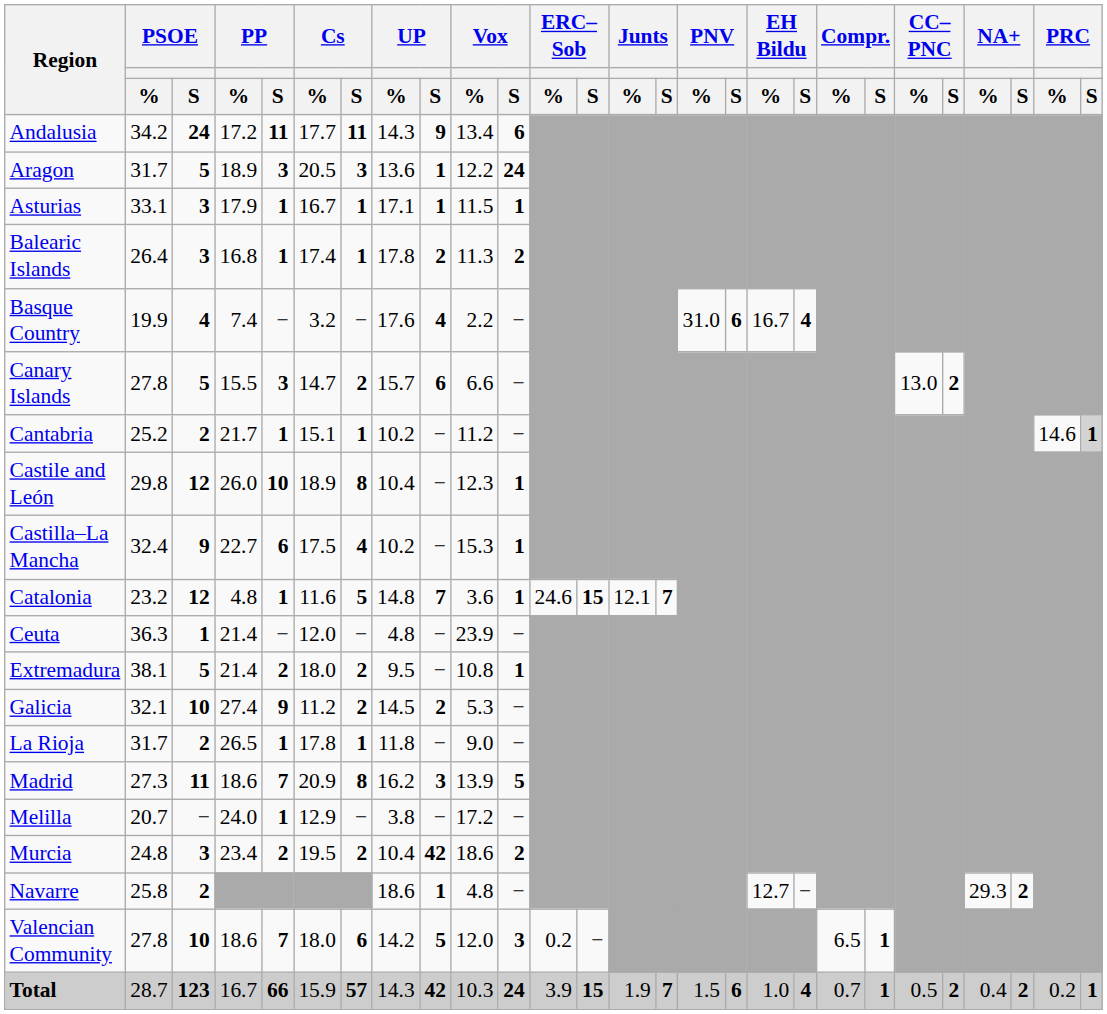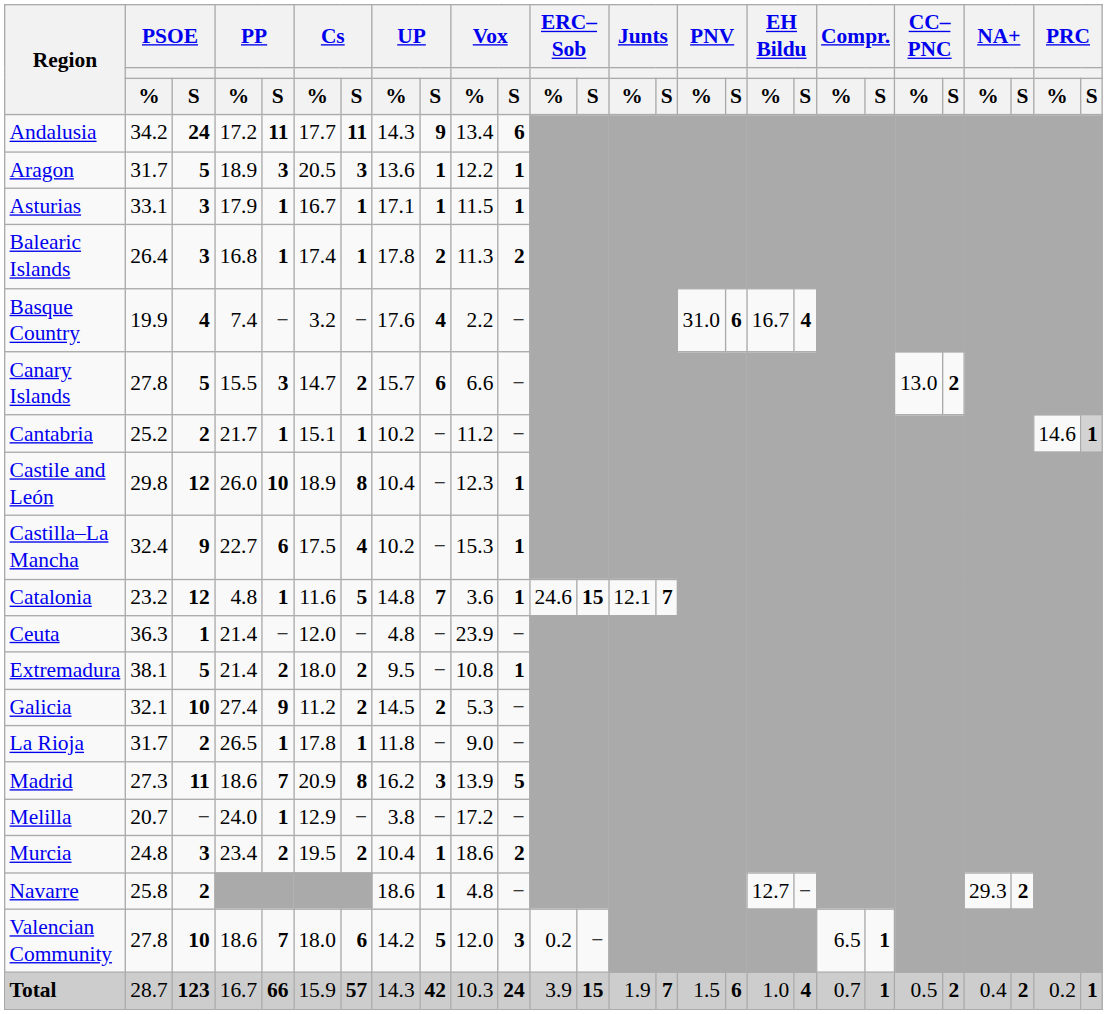 <table class="wikitable sortable" style="text-align:right; line-height:20px;">
 <tr>
 <th rowspan="3">Region</th>
 <th colspan="2" width="30px" class="unsortable"><a href='#'>PSOE</a></th>
 <th colspan="2" width="30px" class="unsortable"><a href='#'>PP</a></th>
 <th colspan="2" width="30px" class="unsortable"><a href='#'>Cs</a></th>
 <th colspan="2" width="30px" class="unsortable"><a href='#'>UP</a></th>
 <th colspan="2" width="30px" class="unsortable"><a href='#'>Vox</a></th>
 <th colspan="2" width="30px" class="unsortable"><a href='#'>ERC–Sob</a></th>
 <th colspan="2" width="30px" class="unsortable"><a href='#'>Junts</a></th>
 <th colspan="2" width="30px" class="unsortable"><a href='#'>PNV</a></th>
 <th colspan="2" width="30px" class="unsortable"><a href='#'>EH Bildu</a></th>
 <th colspan="2" width="30px" class="unsortable"><a href='#'>Compr.</a></th>
 <th colspan="2" width="30px" class="unsortable"><a href='#'>CC–PNC</a></th>
 <th colspan="2" width="30px" class="unsortable"><a href='#'>NA+</a></th>
 <th colspan="2" width="30px" class="unsortable"><a href='#'>PRC</a></th>
 </tr>
 <tr>
 <th colspan="2" style="background:"></th>
 <th colspan="2" style="background:"></th>
 <th colspan="2" style="background:"></th>
 <th colspan="2" style="background:"></th>
 <th colspan="2" style="background:"></th>
 <th colspan="2" style="background:"></th>
 <th colspan="2" style="background:"></th>
 <th colspan="2" style="background:"></th>
 <th colspan="2" style="background:"></th>
 <th colspan="2" style="background:"></th>
 <th colspan="2" style="background:"></th>
 <th colspan="2" style="background:"></th>
 <th colspan="2" style="background:"></th>
 </tr>
 <tr>
 <th data-sort-type="number">%</th>
 <th data-sort-type="number">S</th>
 <th data-sort-type="number">%</th>
 <th data-sort-type="number">S</th>
 <th data-sort-type="number">%</th>
 <th data-sort-type="number">S</th>
 <th data-sort-type="number">%</th>
 <th data-sort-type="number">S</th>
 <th data-sort-type="number">%</th>
 <th data-sort-type="number">S</th>
 <th data-sort-type="number">%</th>
 <th data-sort-type="number">S</th>
 <th data-sort-type="number">%</th>
 <th data-sort-type="number">S</th>
 <th data-sort-type="number">%</th>
 <th data-sort-type="number">S</th>
 <th data-sort-type="number">%</th>
 <th data-sort-type="number">S</th>
 <th data-sort-type="number">%</th>
 <th data-sort-type="number">S</th>
 <th data-sort-type="number">%</th>
 <th data-sort-type="number">S</th>
 <th data-sort-type="number">%</th>
 <th data-sort-type="number">S</th>
 <th data-sort-type="number">%</th>
 <th data-sort-type="number">S</th>
 </tr>
 <tr>
 <td align="left"><a href='#'>Andalusia</a></td>
 <td style="background:">34.2</td>
 <td><strong>24</strong></td>
 <td>17.2</td>
 <td><strong>11</strong></td>
 <td>17.7</td>
 <td><strong>11</strong></td>
 <td>14.3</td>
 <td><strong>9</strong></td>
 <td>13.4</td>
 <td><strong>6</strong></td>
 <td colspan="2" rowspan="9" bgcolor="#AAAAAA"></td>
 <td colspan="2" rowspan="9" bgcolor="#AAAAAA"></td>
 <td colspan="2" rowspan="4" bgcolor="#AAAAAA"></td>
 <td colspan="2" rowspan="4" bgcolor="#AAAAAA"></td>
 <td colspan="2" rowspan="18" bgcolor="#AAAAAA"></td>
 <td colspan="2" rowspan="5" bgcolor="#AAAAAA"></td>
 <td colspan="2" rowspan="17" bgcolor="#AAAAAA"></td>
 <td colspan="2" rowspan="6" bgcolor="#AAAAAA"></td>
 </tr>
 <tr>
 <td align="left"><a href='#'>Aragon</a></td>
 <td style="background:">31.7</td>
 <td><strong>5</strong></td>
 <td>18.9</td>
 <td><strong>3</strong></td>
 <td>20.5</td>
 <td><strong>3</strong></td>
 <td>13.6</td>
 <td><strong>1</strong></td>
 <td>12.2</td>
-<td><strong>24</strong></td>
+<td><strong>1</strong></td>
 </tr>
 <tr>
 <td align="left"><a href='#'>Asturias</a></td>
 <td style="background:">33.1</td>
 <td><strong>3</strong></td>
 <td>17.9</td>
 <td><strong>1</strong></td>
 <td>16.7</td>
 <td><strong>1</strong></td>
 <td>17.1</td>
 <td><strong>1</strong></td>
 <td>11.5</td>
 <td><strong>1</strong></td>
 </tr>
 <tr>
 <td align="left"><a href='#'>Balearic Islands</a></td>
 <td style="background:">26.4</td>
 <td><strong>3</strong></td>
 <td>16.8</td>
 <td><strong>1</strong></td>
 <td>17.4</td>
 <td><strong>1</strong></td>
 <td>17.8</td>
 <td><strong>2</strong></td>
 <td>11.3</td>
 <td><strong>2</strong></td>
 </tr>
 <tr>
 <td align="left"><a href='#'>Basque Country</a></td>
 <td>19.9</td>
 <td><strong>4</strong></td>
 <td>7.4</td>
 <td>−</td>
 <td>3.2</td>
 <td>−</td>
 <td>17.6</td>
 <td><strong>4</strong></td>
 <td>2.2</td>
 <td>−</td>
 <td style="background:">31.0</td>
 <td><strong>6</strong></td>
 <td>16.7</td>
 <td><strong>4</strong></td>
 </tr>
 <tr>
 <td align="left"><a href='#'>Canary Islands</a></td>
 <td style="background:">27.8</td>
 <td><strong>5</strong></td>
 <td>15.5</td>
 <td><strong>3</strong></td>
 <td>14.7</td>
 <td><strong>2</strong></td>
 <td>15.7</td>
 <td><strong>6</strong></td>
 <td>6.6</td>
 <td>−</td>
 <td colspan="2" rowspan="14" bgcolor="#AAAAAA"></td>
 <td colspan="2" rowspan="12" bgcolor="#AAAAAA"></td>
 <td>13.0</td>
 <td><strong>2</strong></td>
 </tr>
 <tr>
 <td align="left"><a href='#'>Cantabria</a></td>
 <td style="background:">25.2</td>
 <td><strong>2</strong></td>
 <td>21.7</td>
 <td><strong>1</strong></td>
 <td>15.1</td>
 <td><strong>1</strong></td>
 <td>10.2</td>
 <td>−</td>
 <td>11.2</td>
 <td>−</td>
 <td colspan="2" rowspan="13" bgcolor="#AAAAAA"></td>
 <td>14.6</td>
 <td style="background: lightgrey;"><strong>1</strong></td>
 </tr>
 <tr>
 <td align="left"><a href='#'>Castile and León</a></td>
 <td style="background:">29.8</td>
 <td><strong>12</strong></td>
 <td>26.0</td>
 <td><strong>10</strong></td>
 <td>18.9</td>
 <td><strong>8</strong></td>
 <td>10.4</td>
 <td>−</td>
 <td>12.3</td>
 <td><strong>1</strong></td>
 <td colspan="2" rowspan="12" bgcolor="#AAAAAA"></td>
 </tr>
 <tr>
 <td align="left"><a href='#'>Castilla–La Mancha</a></td>
 <td style="background:">32.4</td>
 <td><strong>9</strong></td>
 <td>22.7</td>
 <td><strong>6</strong></td>
 <td>17.5</td>
 <td><strong>4</strong></td>
 <td>10.2</td>
 <td>−</td>
 <td>15.3</td>
 <td><strong>1</strong></td>
 </tr>
 <tr>
 <td align="left"><a href='#'>Catalonia</a></td>
 <td>23.2</td>
 <td><strong>12</strong></td>
 <td>4.8</td>
 <td><strong>1</strong></td>
 <td>11.6</td>
 <td><strong>5</strong></td>
 <td>14.8</td>
 <td><strong>7</strong></td>
 <td>3.6</td>
 <td><strong>1</strong></td>
 <td style="background:">24.6</td>
 <td><strong>15</strong></td>
 <td>12.1</td>
 <td><strong>7</strong></td>
 </tr>
 <tr>
 <td align="left"><a href='#'>Ceuta</a></td>
 <td style="background:">36.3</td>
 <td><strong>1</strong></td>
 <td>21.4</td>
 <td>−</td>
 <td>12.0</td>
 <td>−</td>
 <td>4.8</td>
 <td>−</td>
 <td>23.9</td>
 <td>−</td>
 <td colspan="2" rowspan="8" bgcolor="#AAAAAA"></td>
 <td colspan="2" rowspan="9" bgcolor="#AAAAAA"></td>
 </tr>
 <tr>
 <td align="left"><a href='#'>Extremadura</a></td>
 <td style="background:">38.1</td>
 <td><strong>5</strong></td>
 <td>21.4</td>
 <td><strong>2</strong></td>
 <td>18.0</td>
 <td><strong>2</strong></td>
 <td>9.5</td>
 <td>−</td>
 <td>10.8</td>
 <td><strong>1</strong></td>
 </tr>
 <tr>
 <td align="left"><a href='#'>Galicia</a></td>
 <td style="background:">32.1</td>
 <td><strong>10</strong></td>
 <td>27.4</td>
 <td><strong>9</strong></td>
 <td>11.2</td>
 <td><strong>2</strong></td>
 <td>14.5</td>
 <td><strong>2</strong></td>
 <td>5.3</td>
 <td>−</td>
 </tr>
 <tr>
 <td align="left"><a href='#'>La Rioja</a></td>
 <td style="background:">31.7</td>
 <td><strong>2</strong></td>
 <td>26.5</td>
 <td><strong>1</strong></td>
 <td>17.8</td>
 <td><strong>1</strong></td>
 <td>11.8</td>
 <td>−</td>
 <td>9.0</td>
 <td>−</td>
 </tr>
 <tr>
 <td align="left"><a href='#'>Madrid</a></td>
 <td style="background:">27.3</td>
 <td><strong>11</strong></td>
 <td>18.6</td>
 <td><strong>7</strong></td>
 <td>20.9</td>
 <td><strong>8</strong></td>
 <td>16.2</td>
 <td><strong>3</strong></td>
 <td>13.9</td>
 <td><strong>5</strong></td>
 </tr>
 <tr>
 <td align="left"><a href='#'>Melilla</a></td>
 <td>20.7</td>
 <td>−</td>
 <td style="background:">24.0</td>
 <td><strong>1</strong></td>
 <td>12.9</td>
 <td>−</td>
 <td>3.8</td>
 <td>−</td>
 <td>17.2</td>
 <td>−</td>
 </tr>
 <tr>
 <td align="left"><a href='#'>Murcia</a></td>
 <td style="background:">24.8</td>
 <td><strong>3</strong></td>
 <td>23.4</td>
 <td><strong>2</strong></td>
 <td>19.5</td>
 <td><strong>2</strong></td>
 <td>10.4</td>
-<td><strong>42</strong></td>
+<td><strong>1</strong></td>
 <td>18.6</td>
 <td><strong>2</strong></td>
 </tr>
 <tr>
 <td align="left"><a href='#'>Navarre</a></td>
 <td>25.8</td>
 <td><strong>2</strong></td>
 <td colspan="2" bgcolor="#AAAAAA"></td>
 <td colspan="2" bgcolor="#AAAAAA"></td>
 <td>18.6</td>
 <td><strong>1</strong></td>
 <td>4.8</td>
 <td>−</td>
 <td>12.7</td>
 <td>−</td>
 <td style="background:">29.3</td>
 <td><strong>2</strong></td>
 </tr>
 <tr>
 <td align="left"><a href='#'>Valencian Community</a></td>
 <td style="background:">27.8</td>
 <td><strong>10</strong></td>
 <td>18.6</td>
 <td><strong>7</strong></td>
 <td>18.0</td>
 <td><strong>6</strong></td>
 <td>14.2</td>
 <td><strong>5</strong></td>
 <td>12.0</td>
 <td><strong>3</strong></td>
 <td>0.2</td>
 <td>−</td>
 <td colspan="2" bgcolor="#AAAAAA"></td>
 <td>6.5</td>
 <td><strong>1</strong></td>
 <td colspan="2" bgcolor="#AAAAAA"></td>
 </tr>
 <tr style="background:#CDCDCD;">
 <td align="left"><strong>Total</strong></td>
 <td style="background:">28.7</td>
 <td><strong>123</strong></td>
 <td>16.7</td>
 <td><strong>66</strong></td>
 <td>15.9</td>
 <td><strong>57</strong></td>
 <td>14.3</td>
 <td><strong>42</strong></td>
 <td>10.3</td>
 <td><strong>24</strong></td>
 <td>3.9</td>
 <td><strong>15</strong></td>
 <td>1.9</td>
 <td><strong>7</strong></td>
 <td>1.5</td>
 <td><strong>6</strong></td>
 <td>1.0</td>
 <td><strong>4</strong></td>
 <td>0.7</td>
 <td><strong>1</strong></td>
 <td>0.5</td>
 <td><strong>2</strong></td>
 <td>0.4</td>
 <td><strong>2</strong></td>
 <td>0.2</td>
 <td><strong>1</strong></td>
 </tr>
 </table>
